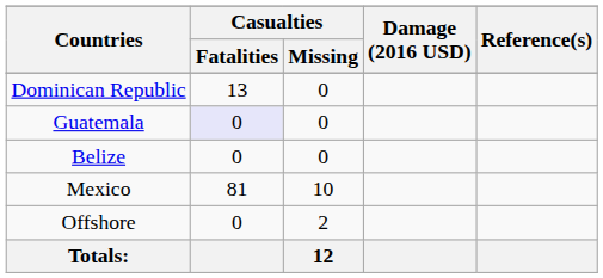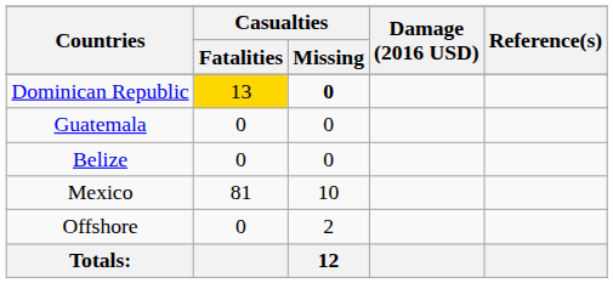 <table class="wikitable sortable" align=right>
 <tr>
 </tr>
 <tr style="text-align:center;">
 <th rowspan="2">Countries</th>
 <th colspan="2">Casualties</th>
 <th rowspan="2">Damage<br>(2016 USD)</th>
 <th rowspan="2" class="unsortable">Reference(s)</th>
 </tr>
 <tr>
 <th>Fatalities</th>
 <th>Missing</th>
 </tr>
 <tr>
 </tr>
 <tr style="text-align:center;">
 <td scope="row"><a href='#'>Dominican Republic</a></td>
-<td>13</td>
-<td>0</td>
+<td style="background: gold;">13</td>
+<td><strong>0</strong></td>
 <td></td>
 <td></td>
 </tr>
 <tr style="text-align:center;">
 <td scope="row"><a href='#'>Guatemala</a></td>
-<td style="background: lavender;">0</td>
+<td>0</td>
 <td>0</td>
 <td></td>
 <td></td>
 </tr>
 <tr style="text-align:center;">
 <td scope="row"><a href='#'>Belize</a></td>
 <td>0</td>
 <td>0</td>
 <td></td>
 <td></td>
 </tr>
 <tr style="text-align:center;">
 <td scope="row">Mexico</td>
 <td>81</td>
 <td>10</td>
 <td></td>
 <td></td>
 </tr>
 <tr style="text-align:center;">
 <td scope="row">Offshore</td>
 <td>0</td>
 <td>2</td>
 <td></td>
 <td></td>
 </tr>
 <tr class="sortbottom">
 <th>Totals:</th>
 <th></th>
 <th>12</th>
 <th></th>
 <th></th>
 </tr>
 </table>
